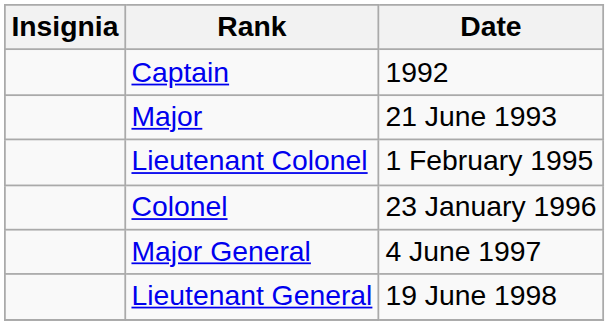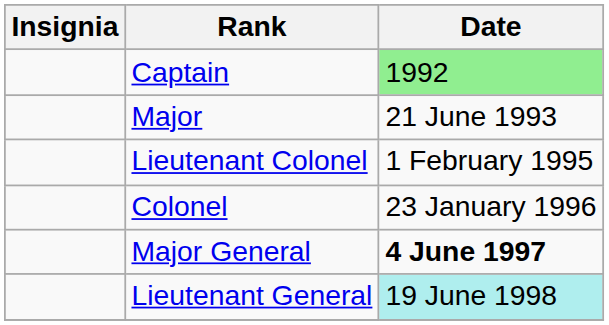 <table class="wikitable">
 <tr>
 <th>Insignia</th>
 <th>Rank</th>
 <th>Date</th>
 </tr>
 <tr>
 <td></td>
 <td><a href='#'>Captain</a></td>
-<td>1992</td>
+<td style="background: lightgreen;">1992</td>
 </tr>
 <tr>
 <td></td>
 <td><a href='#'>Major</a></td>
 <td>21 June 1993</td>
 </tr>
 <tr>
 <td></td>
 <td><a href='#'>Lieutenant Colonel</a></td>
 <td>1 February 1995</td>
 </tr>
 <tr>
 <td></td>
 <td><a href='#'>Colonel</a></td>
 <td>23 January 1996</td>
 </tr>
 <tr>
 <td></td>
 <td><a href='#'>Major General</a></td>
-<td>4 June 1997</td>
+<td><strong>4 June 1997</strong></td>
 </tr>
 <tr>
 <td></td>
 <td><a href='#'>Lieutenant General</a></td>
-<td>19 June 1998</td>
+<td style="background: paleturquoise;">19 June 1998</td>
 </tr>
 <tr>
 </tr>
 </table>
